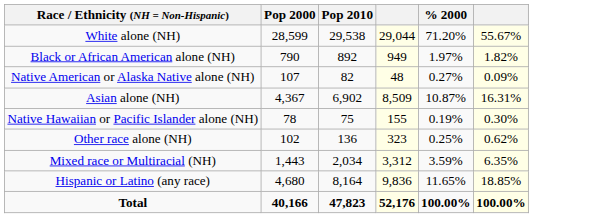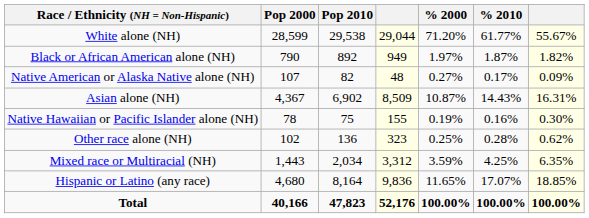 <table class="wikitable" style="text-align:center;">
 <tr>
 <th>Race / Ethnicity <small>(<em>NH = Non-Hispanic</em>)</small></th>
 <th>Pop 2000</th>
 <th>Pop 2010</th>
 <th></th>
 <th>% 2000</th>
+<th>% 2010</th>
 <th></th>
 </tr>
 <tr>
 <td><a href='#'>White</a> alone (NH)</td>
 <td>28,599</td>
 <td>29,538</td>
 <td style='background: #ffffe6;'>29,044</td>
 <td>71.20%</td>
+<td>61.77%</td>
 <td style='background: #ffffe6;'>55.67%</td>
 </tr>
 <tr>
 <td><a href='#'>Black or African American</a> alone (NH)</td>
 <td>790</td>
 <td>892</td>
 <td style='background: #ffffe6;'>949</td>
 <td>1.97%</td>
+<td>1.87%</td>
 <td style='background: #ffffe6;'>1.82%</td>
 </tr>
 <tr>
 <td><a href='#'>Native American</a> or <a href='#'>Alaska Native</a> alone (NH)</td>
 <td>107</td>
 <td>82</td>
 <td style='background: #ffffe6;'>48</td>
 <td>0.27%</td>
+<td>0.17%</td>
 <td style='background: #ffffe6;'>0.09%</td>
 </tr>
 <tr>
 <td><a href='#'>Asian</a> alone (NH)</td>
 <td>4,367</td>
 <td>6,902</td>
 <td style='background: #ffffe6;'>8,509</td>
 <td>10.87%</td>
+<td>14.43%</td>
 <td style='background: #ffffe6;'>16.31%</td>
 </tr>
 <tr>
 <td><a href='#'>Native Hawaiian</a> or <a href='#'>Pacific Islander</a> alone (NH)</td>
 <td>78</td>
 <td>75</td>
 <td style='background: #ffffe6;'>155</td>
 <td>0.19%</td>
+<td>0.16%</td>
 <td style='background: #ffffe6;'>0.30%</td>
 </tr>
 <tr>
 <td><a href='#'>Other race</a> alone (NH)</td>
 <td>102</td>
 <td>136</td>
 <td style='background: #ffffe6;'>323</td>
 <td>0.25%</td>
+<td>0.28%</td>
 <td style='background: #ffffe6;'>0.62%</td>
 </tr>
 <tr>
 <td><a href='#'>Mixed race or Multiracial</a> (NH)</td>
 <td>1,443</td>
 <td>2,034</td>
 <td style='background: #ffffe6;'>3,312</td>
 <td>3.59%</td>
+<td>4.25%</td>
 <td style='background: #ffffe6;'>6.35%</td>
 </tr>
 <tr>
 <td><a href='#'>Hispanic or Latino</a> (any race)</td>
 <td>4,680</td>
 <td>8,164</td>
 <td style='background: #ffffe6;'>9,836</td>
 <td>11.65%</td>
+<td>17.07%</td>
 <td style='background: #ffffe6;'>18.85%</td>
 </tr>
 <tr>
 <td><strong>Total</strong></td>
 <td><strong>40,166</strong></td>
 <td><strong>47,823</strong></td>
 <td style='background: #ffffe6;'><strong>52,176</strong></td>
 <td><strong>100.00%</strong></td>
+<td><strong>100.00%</strong></td>
 <td style='background: #ffffe6;'><strong>100.00%</strong></td>
 </tr>
 </table>
